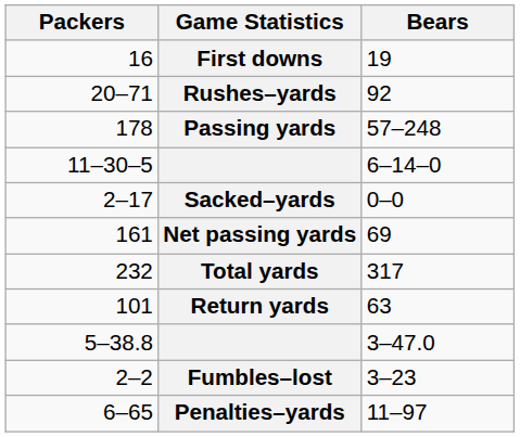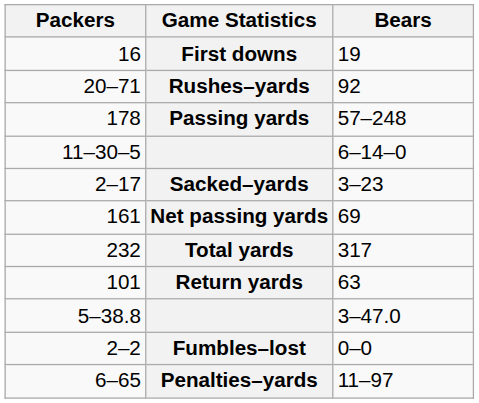 <table class="wikitable" style="margin: 1em auto 1em auto">
 <tr>
 <th style="width:30%;">Packers</th>
 <th style="width:40%;">Game Statistics</th>
 <th style="width:30%;">Bears</th>
 </tr>
 <tr>
 <td style="text-align:right;">16</td>
 <th>First downs</th>
 <td>19</td>
 </tr>
 <tr>
 <td style="text-align:right;">20–71</td>
 <th>Rushes–yards</th>
 <td>92</td>
 </tr>
 <tr>
 <td style="text-align:right;">178</td>
 <th>Passing yards</th>
 <td>57–248</td>
 </tr>
 <tr>
 <td style="text-align:right;">11–30–5</td>
 <th></th>
 <td>6–14–0</td>
 </tr>
 <tr>
 <td style="text-align:right;">2–17</td>
 <th>Sacked–yards</th>
-<td>0–0</td>
+<td>3–23</td>
 </tr>
 <tr>
 <td style="text-align:right;">161</td>
 <th>Net passing yards</th>
 <td>69</td>
 </tr>
 <tr>
 <td style="text-align:right;">232</td>
 <th>Total yards</th>
 <td>317</td>
 </tr>
 <tr>
 <td style="text-align:right;">101</td>
 <th>Return yards</th>
 <td>63</td>
 </tr>
 <tr>
 <td style="text-align:right;">5–38.8</td>
 <th></th>
 <td>3–47.0</td>
 </tr>
 <tr>
 <td style="text-align:right;">2–2</td>
 <th>Fumbles–lost</th>
-<td>3–23</td>
+<td>0–0</td>
 </tr>
 <tr>
 <td style="text-align:right;">6–65</td>
 <th>Penalties–yards</th>
 <td>11–97</td>
 </tr>
 </table>
